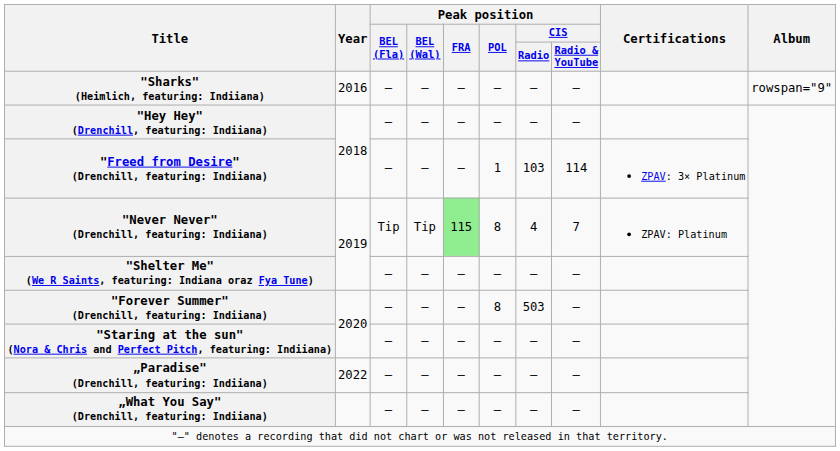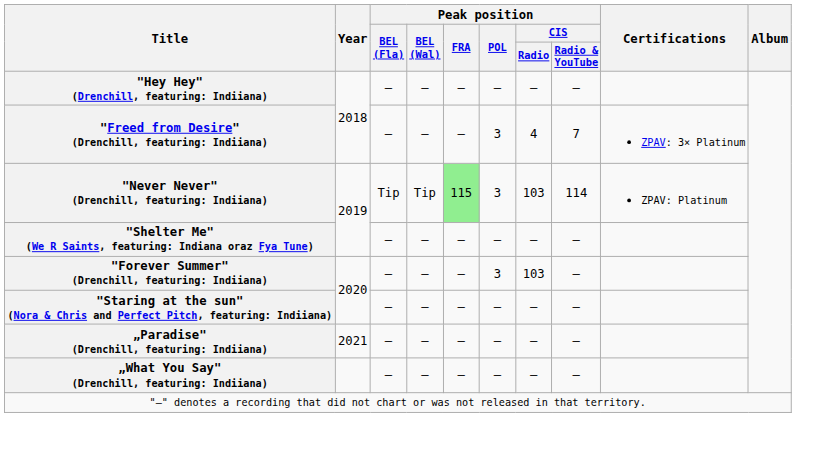 <table class="wikitable plainrowheaders" style="text-align:center;">
 <tr>
 <th rowspan="3" scope="col">Title</th>
 <th rowspan="3" scope="col">Year</th>
 <th colspan="6">Peak position</th>
 <th rowspan="3" scope="col">Certifications</th>
 <th rowspan="3" scope="col">Album</th>
 </tr>
 <tr>
 <th rowspan="2" scope="col" style="width:3em;font-size:85%;"><a href='#'>BEL<br>(Fla)</a><br></th>
 <th rowspan="2" scope="col" style="width:3em;font-size:85%;"><a href='#'>BEL<br>(Wal)</a><br></th>
 <th rowspan="2" scope="col" style="width:3em;font-size:85%;"><a href='#'>FRA</a><br></th>
 <th rowspan="2" scope="col" style="width:3em;font-size:85%;"><a href='#'>POL</a><br></th>
 <th colspan="2" scope="col" style="width:3em;font-size:85%;"><a href='#'>CIS</a></th>
 </tr>
 <tr>
 <th scope="col" style="width:3em;font-size:85%;"><a href='#'>Radio</a><br></th>
 <th scope="col" style="width:3em;font-size:85%;"><a href='#'>Radio & YouTube</a><br></th>
 </tr>
 <tr>
-<th scope="row">"Sharks"<br><small>(Heimlich, featuring: Indiiana)</small></th>
-<td>2016</td>
-<td>–</td>
-<td>–</td>
-<td>–</td>
-<td>–</td>
-<td>–</td>
-<td>–</td>
-<td></td>
-<td>rowspan="9" </td>
-</tr>
-<tr>
 <th scope="row">"Hey Hey"<br><small>(<a href='#'>Drenchill</a>, featuring: Indiiana)</small></th>
 <td rowspan="2">2018</td>
 <td>–</td>
 <td>–</td>
 <td>–</td>
 <td>–</td>
 <td>–</td>
 <td>–</td>
 <td></td>
 </tr>
 <tr>
 <th scope="row">"<a href='#'>Freed from Desire</a>"<br><small>(Drenchill, featuring: Indiiana)</small></th>
 <td>–</td>
 <td>–</td>
 <td>–</td>
-<td>1</td>
-<td>103</td>
-<td>114</td>
+<td>3</td>
+<td>4</td>
+<td>7</td>
 <td><br><ul><li><small><a href='#'>ZPAV</a>: 3× Platinum</small></li></ul></td>
 </tr>
 <tr>
 <th scope="row">"Never Never"<br><small>(Drenchill, featuring: Indiiana)</small></th>
 <td rowspan="2">2019</td>
 <td>Tip</td>
 <td>Tip</td>
 <td style="background: lightgreen;">115</td>
-<td>8</td>
-<td>4</td>
-<td>7</td>
+<td>3</td>
+<td>103</td>
+<td>114</td>
 <td align="left"><br><ul><li><small>ZPAV: Platinum</small></li></ul></td>
 </tr>
 <tr>
 <th scope="row">"Shelter Me"<br><small>(<a href='#'>We R Saints</a>, featuring: Indiana oraz <a href='#'>Fya Tune</a>)</small></th>
 <td>–</td>
 <td>–</td>
 <td>–</td>
 <td>–</td>
 <td>–</td>
 <td>–</td>
 <td></td>
 </tr>
 <tr>
 <th scope="row">"Forever Summer"<br><small>(Drenchill, featuring: Indiiana)</small></th>
 <td rowspan="2">2020</td>
 <td>–</td>
 <td>–</td>
 <td>–</td>
-<td>8</td>
-<td>503</td>
+<td>3</td>
+<td>103</td>
 <td>–</td>
 <td></td>
 </tr>
 <tr>
 <th scope="row">"Staring at the sun"<br><small>(<a href='#'>Nora & Chris</a> and <a href='#'>Perfect Pitch</a>, featuring: Indiiana)</small></th>
 <td>–</td>
 <td>–</td>
 <td>–</td>
 <td>–</td>
 <td>–</td>
 <td>–</td>
 <td></td>
 </tr>
 <tr>
 <th scope="row">„Paradise"<br><small>(Drenchill, featuring: Indiiana)</small></th>
-<td>2022</td>
+<td>2021</td>
 <td>–</td>
 <td>–</td>
 <td>–</td>
 <td>–</td>
 <td>–</td>
 <td>–</td>
 <td></td>
 </tr>
 <tr>
 <th scope="row">„What You Say"<br><small>(Drenchill, featuring: Indiiana)</small></th>
 <td></td>
 <td>–</td>
 <td>–</td>
 <td>–</td>
 <td>–</td>
 <td>–</td>
 <td>–</td>
 <td></td>
 </tr>
 <tr>
 <td colspan="10"><small>"—" denotes a recording that did not chart or was not released in that territory.</small></td>
 </tr>
 </table>
